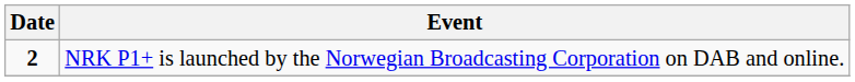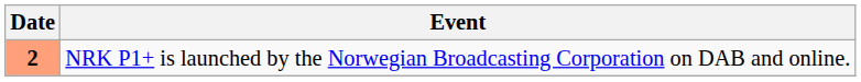 <table class="wikitable">
 <tr>
 <th>Date</th>
 <th>Event</th>
 </tr>
 <tr>
-<td style="text-align:center;"><strong>2</strong></td>
+<td style="background: lightsalmon; text-align:center;"><strong>2</strong></td>
 <td><a href='#'>NRK P1+</a> is launched by the <a href='#'>Norwegian Broadcasting Corporation</a> on DAB and online.</td>
 </tr>
 <tr>
 </tr>
 </table>
